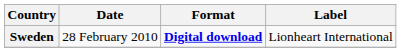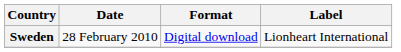 <table class="wikitable plainrowheaders">
 <tr>
 <th scope="col">Country</th>
 <th scope="col">Date</th>
 <th scope="col">Format</th>
 <th scope="col">Label</th>
 </tr>
 <tr>
 <th scope="row">Sweden</th>
 <td>28 February 2010</td>
-<td><strong><a href='#'>Digital download</a></strong></td>
+<td><a href='#'>Digital download</a></td>
 <td>Lionheart International</td>
 </tr>
 <tr>
 </tr>
 </table>
